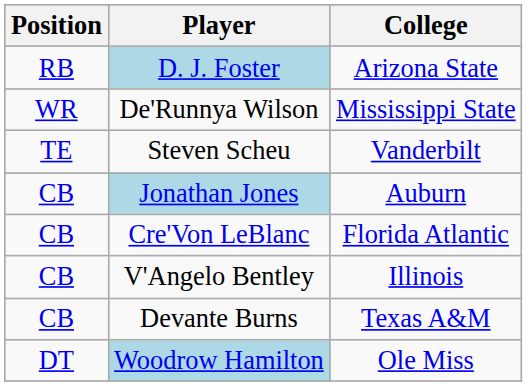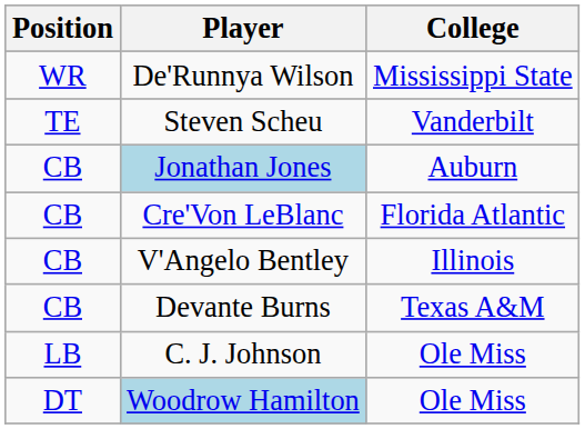 <table class="wikitable" style="text-align:center;">
 <tr>
 <th>Position</th>
 <th>Player</th>
 <th>College</th>
-</tr>
-<tr>
-<td><a href='#'>RB</a></td>
-<td style="background:#ADD8E6"><a href='#'>D. J. Foster</a></td>
-<td><a href='#'>Arizona State</a></td>
 </tr>
 <tr>
 <td><a href='#'>WR</a></td>
 <td>De'Runnya Wilson</td>
 <td><a href='#'>Mississippi State</a></td>
 </tr>
 <tr>
 <td><a href='#'>TE</a></td>
 <td>Steven Scheu</td>
 <td><a href='#'>Vanderbilt</a></td>
 </tr>
 <tr>
 <td><a href='#'>CB</a></td>
 <td style="background:#ADD8E6"><a href='#'>Jonathan Jones</a></td>
 <td><a href='#'>Auburn</a></td>
 </tr>
 <tr>
 <td><a href='#'>CB</a></td>
 <td><a href='#'>Cre'Von LeBlanc</a></td>
 <td><a href='#'>Florida Atlantic</a></td>
 </tr>
 <tr>
 <td><a href='#'>CB</a></td>
 <td>V'Angelo Bentley</td>
 <td><a href='#'>Illinois</a></td>
 </tr>
 <tr>
 <td><a href='#'>CB</a></td>
 <td>Devante Burns</td>
 <td><a href='#'>Texas A&M</a></td>
 </tr>
 <tr>
+<td><a href='#'>LB</a></td>
+<td>C. J. Johnson</td>
+<td><a href='#'>Ole Miss</a></td>
+</tr>
+<tr>
 <td><a href='#'>DT</a></td>
 <td style="background:#ADD8E6"><a href='#'>Woodrow Hamilton</a></td>
 <td><a href='#'>Ole Miss</a></td>
 </tr>
 </table>
